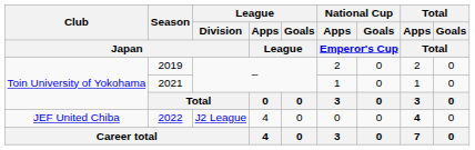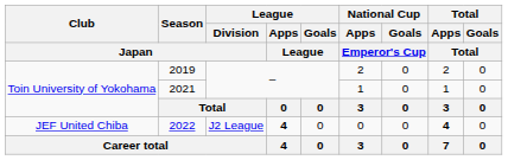 <table class="wikitable" style="text-align: center">
 <tr>
 <th rowspan="2">Club</th>
 <th rowspan="2">Season</th>
 <th colspan="3">League</th>
 <th colspan="2">National Cup</th>
 <th colspan="2">Total</th>
 </tr>
 <tr>
 <th>Division</th>
 <th>Apps</th>
 <th>Goals</th>
 <th>Apps</th>
 <th>Goals</th>
 <th>Apps</th>
 <th>Goals</th>
 </tr>
 <tr>
 <th colspan=3>Japan</th>
 <th colspan=2>League</th>
 <th colspan=2><a href='#'>Emperor's Cup</a></th>
 <th colspan=2>Total</th>
 </tr>
 <tr>
 <td rowspan="3"><a href='#'>Toin University of Yokohama</a></td>
 <td>2019</td>
 <td colspan="3" rowspan="2">–</td>
 <td>2</td>
 <td>0</td>
 <td>2</td>
 <td>0</td>
 </tr>
 <tr>
 <td>2021</td>
 <td>1</td>
 <td>0</td>
 <td>1</td>
 <td>0</td>
 </tr>
 <tr>
 <th colspan=2>Total</th>
 <th>0</th>
 <th>0</th>
 <th>3</th>
 <th>0</th>
 <th>3</th>
 <th>0</th>
 </tr>
 <tr>
 <td><a href='#'>JEF United Chiba</a></td>
 <td><a href='#'>2022</a></td>
 <td><a href='#'>J2 League</a></td>
-<td>4</td>
+<td><strong>4</strong></td>
 <td>0</td>
 <td>0</td>
 <td>0</td>
 <td><strong>4</strong></td>
 <td>0</td>
 </tr>
 <tr>
 <th colspan=3>Career total</th>
 <th>4</th>
 <th>0</th>
 <th>3</th>
 <th>0</th>
 <th>7</th>
 <th>0</th>
 </tr>
 </table>
